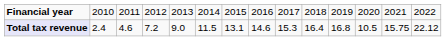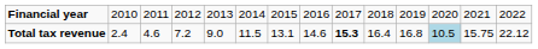 <table class="wikitable">
 <tr>
 <td><strong>Financial year</strong></td>
 <td>2010</td>
 <td>2011</td>
 <td>2012</td>
 <td>2013</td>
 <td>2014</td>
 <td>2015</td>
 <td>2016</td>
 <td>2017</td>
 <td>2018</td>
 <td>2019</td>
 <td>2020</td>
 <td>2021</td>
 <td>2022</td>
 </tr>
 <tr>
-<td style="background: lavender;"><strong>Total tax revenue</strong></td>
+<td><strong>Total tax revenue</strong></td>
 <td>2.4</td>
 <td>4.6</td>
 <td>7.2</td>
 <td>9.0</td>
 <td>11.5</td>
 <td>13.1</td>
 <td>14.6</td>
-<td>15.3</td>
+<td><strong>15.3</strong></td>
 <td>16.4</td>
 <td>16.8</td>
-<td>10.5</td>
+<td style="background: lightblue;">10.5</td>
 <td>15.75</td>
 <td>22.12</td>
 </tr>
 </table>
